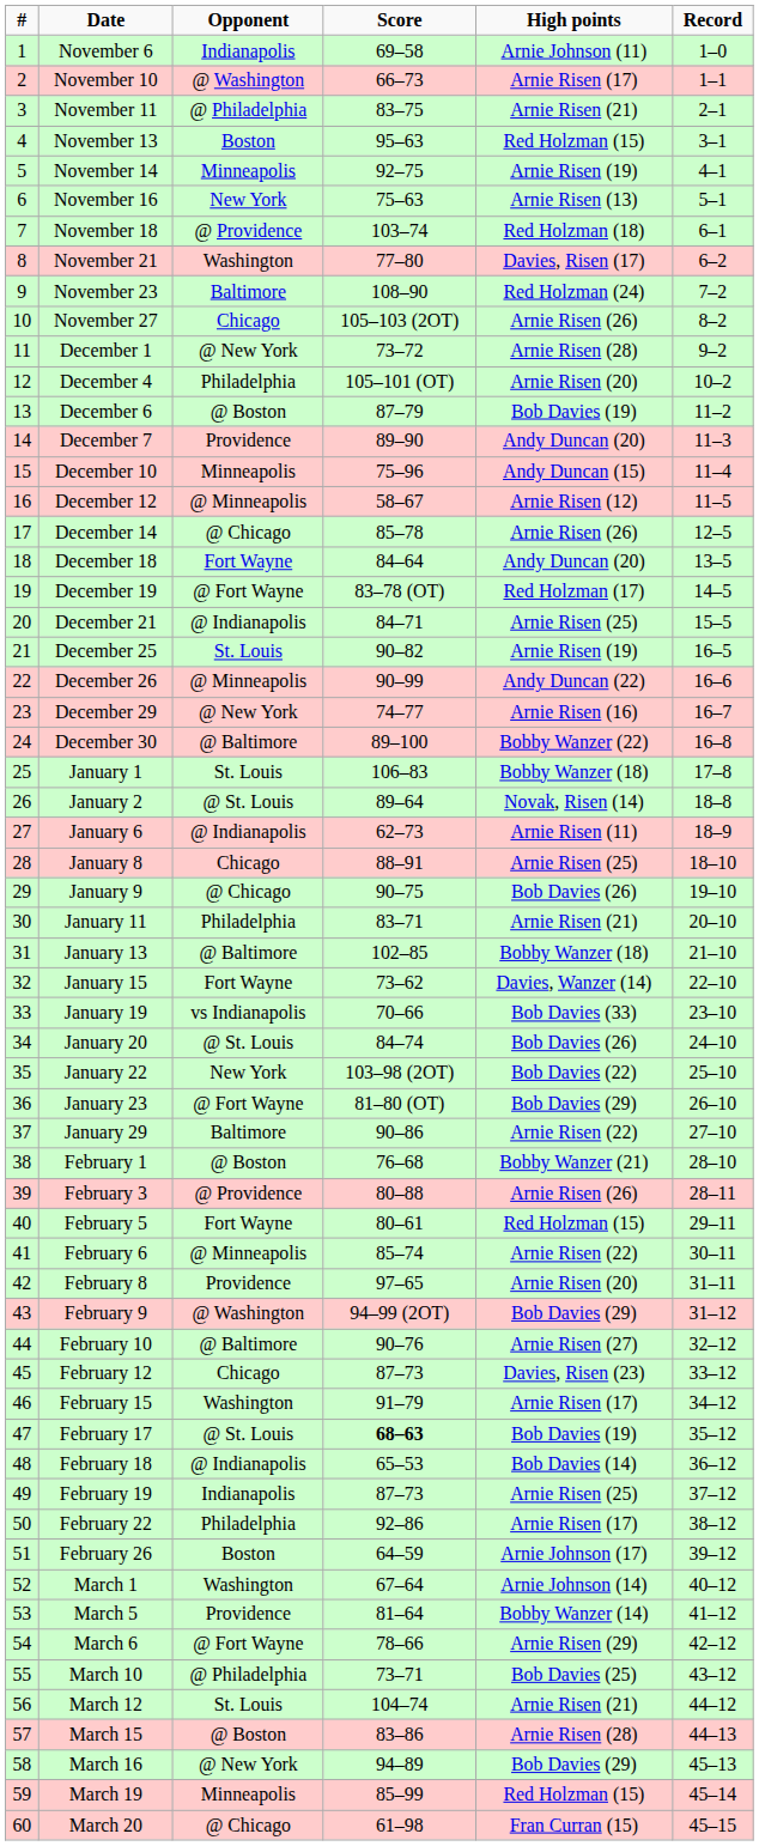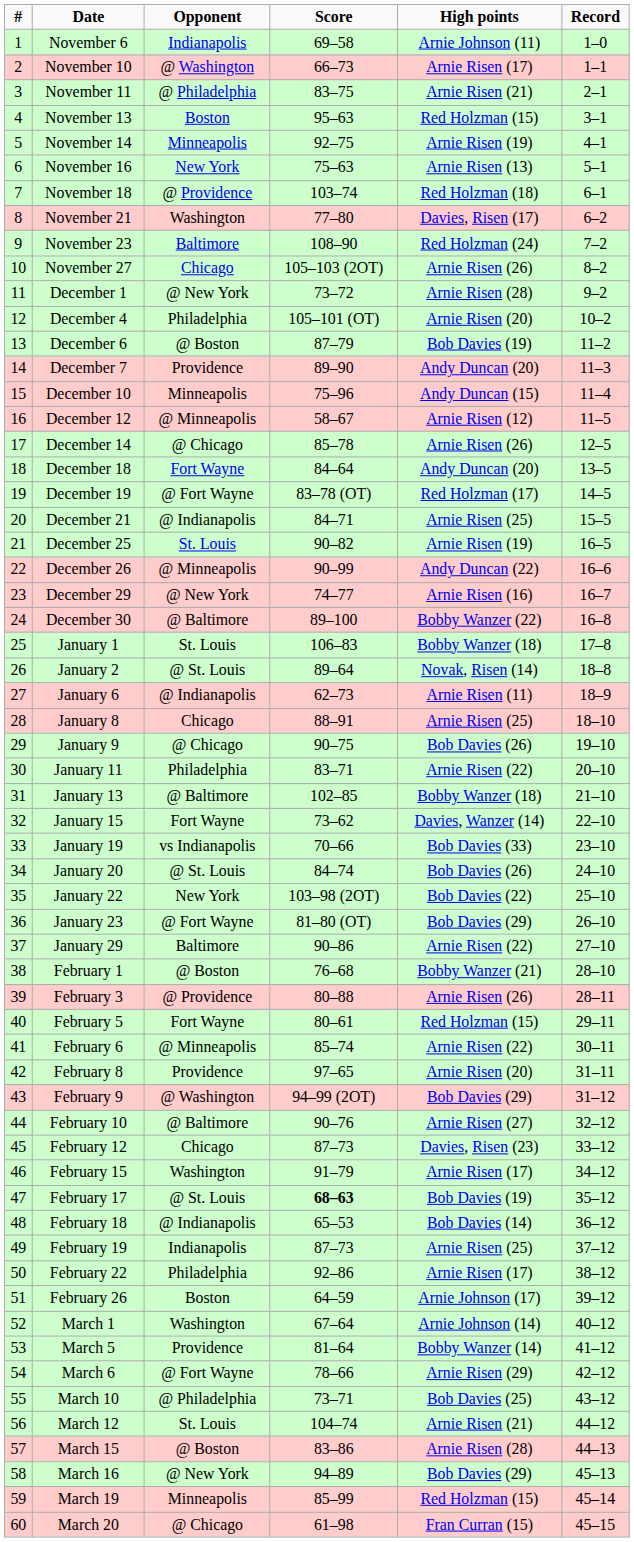 <table class="wikitable" width="50%">
 <tr align="center">
 <td><strong>#</strong></td>
 <td><strong>Date</strong></td>
 <td><strong>Opponent</strong></td>
 <td><strong>Score</strong></td>
 <td><strong>High points</strong></td>
 <td><strong>Record</strong></td>
 </tr>
 <tr align="center" bgcolor="ccffcc">
 <td>1</td>
 <td>November 6</td>
 <td><a href='#'>Indianapolis</a></td>
 <td>69–58</td>
 <td><a href='#'>Arnie Johnson</a> (11)</td>
 <td>1–0</td>
 </tr>
 <tr align="center" bgcolor="ffcccc">
 <td>2</td>
 <td>November 10</td>
 <td>@ <a href='#'>Washington</a></td>
 <td>66–73</td>
 <td><a href='#'>Arnie Risen</a> (17)</td>
 <td>1–1</td>
 </tr>
 <tr align="center" bgcolor="ccffcc">
 <td>3</td>
 <td>November 11</td>
 <td>@ <a href='#'>Philadelphia</a></td>
 <td>83–75</td>
 <td><a href='#'>Arnie Risen</a> (21)</td>
 <td>2–1</td>
 </tr>
 <tr align="center" bgcolor="ccffcc">
 <td>4</td>
 <td>November 13</td>
 <td><a href='#'>Boston</a></td>
 <td>95–63</td>
 <td><a href='#'>Red Holzman</a> (15)</td>
 <td>3–1</td>
 </tr>
 <tr align="center" bgcolor="ccffcc">
 <td>5</td>
 <td>November 14</td>
 <td><a href='#'>Minneapolis</a></td>
 <td>92–75</td>
 <td><a href='#'>Arnie Risen</a> (19)</td>
 <td>4–1</td>
 </tr>
 <tr align="center" bgcolor="ccffcc">
 <td>6</td>
 <td>November 16</td>
 <td><a href='#'>New York</a></td>
 <td>75–63</td>
 <td><a href='#'>Arnie Risen</a> (13)</td>
 <td>5–1</td>
 </tr>
 <tr align="center" bgcolor="ccffcc">
 <td>7</td>
 <td>November 18</td>
 <td>@ <a href='#'>Providence</a></td>
 <td>103–74</td>
 <td><a href='#'>Red Holzman</a> (18)</td>
 <td>6–1</td>
 </tr>
 <tr align="center" bgcolor="ffcccc">
 <td>8</td>
 <td>November 21</td>
 <td>Washington</td>
 <td>77–80</td>
 <td><a href='#'>Davies</a>, <a href='#'>Risen</a> (17)</td>
 <td>6–2</td>
 </tr>
 <tr align="center" bgcolor="ccffcc">
 <td>9</td>
 <td>November 23</td>
 <td><a href='#'>Baltimore</a></td>
 <td>108–90</td>
 <td><a href='#'>Red Holzman</a> (24)</td>
 <td>7–2</td>
 </tr>
 <tr align="center" bgcolor="ccffcc">
 <td>10</td>
 <td>November 27</td>
 <td><a href='#'>Chicago</a></td>
 <td>105–103 (2OT)</td>
 <td><a href='#'>Arnie Risen</a> (26)</td>
 <td>8–2</td>
 </tr>
 <tr align="center" bgcolor="ccffcc">
 <td>11</td>
 <td>December 1</td>
 <td>@ New York</td>
 <td>73–72</td>
 <td><a href='#'>Arnie Risen</a> (28)</td>
 <td>9–2</td>
 </tr>
 <tr align="center" bgcolor="ccffcc">
 <td>12</td>
 <td>December 4</td>
 <td>Philadelphia</td>
 <td>105–101 (OT)</td>
 <td><a href='#'>Arnie Risen</a> (20)</td>
 <td>10–2</td>
 </tr>
 <tr align="center" bgcolor="ccffcc">
 <td>13</td>
 <td>December 6</td>
 <td>@ Boston</td>
 <td>87–79</td>
 <td><a href='#'>Bob Davies</a> (19)</td>
 <td>11–2</td>
 </tr>
 <tr align="center" bgcolor="ffcccc">
 <td>14</td>
 <td>December 7</td>
 <td>Providence</td>
 <td>89–90</td>
 <td><a href='#'>Andy Duncan</a> (20)</td>
 <td>11–3</td>
 </tr>
 <tr align="center" bgcolor="ffcccc">
 <td>15</td>
 <td>December 10</td>
 <td>Minneapolis</td>
 <td>75–96</td>
 <td><a href='#'>Andy Duncan</a> (15)</td>
 <td>11–4</td>
 </tr>
 <tr align="center" bgcolor="ffcccc">
 <td>16</td>
 <td>December 12</td>
 <td>@ Minneapolis</td>
 <td>58–67</td>
 <td><a href='#'>Arnie Risen</a> (12)</td>
 <td>11–5</td>
 </tr>
 <tr align="center" bgcolor="ccffcc">
 <td>17</td>
 <td>December 14</td>
 <td>@ Chicago</td>
 <td>85–78</td>
 <td><a href='#'>Arnie Risen</a> (26)</td>
 <td>12–5</td>
 </tr>
 <tr align="center" bgcolor="ccffcc">
 <td>18</td>
 <td>December 18</td>
 <td><a href='#'>Fort Wayne</a></td>
 <td>84–64</td>
 <td><a href='#'>Andy Duncan</a> (20)</td>
 <td>13–5</td>
 </tr>
 <tr align="center" bgcolor="ccffcc">
 <td>19</td>
 <td>December 19</td>
 <td>@ Fort Wayne</td>
 <td>83–78 (OT)</td>
 <td><a href='#'>Red Holzman</a> (17)</td>
 <td>14–5</td>
 </tr>
 <tr align="center" bgcolor="ccffcc">
 <td>20</td>
 <td>December 21</td>
 <td>@ Indianapolis</td>
 <td>84–71</td>
 <td><a href='#'>Arnie Risen</a> (25)</td>
 <td>15–5</td>
 </tr>
 <tr align="center" bgcolor="ccffcc">
 <td>21</td>
 <td>December 25</td>
 <td><a href='#'>St. Louis</a></td>
 <td>90–82</td>
 <td><a href='#'>Arnie Risen</a> (19)</td>
 <td>16–5</td>
 </tr>
 <tr align="center" bgcolor="ffcccc">
 <td>22</td>
 <td>December 26</td>
 <td>@ Minneapolis</td>
 <td>90–99</td>
 <td><a href='#'>Andy Duncan</a> (22)</td>
 <td>16–6</td>
 </tr>
 <tr align="center" bgcolor="ffcccc">
 <td>23</td>
 <td>December 29</td>
 <td>@ New York</td>
 <td>74–77</td>
 <td><a href='#'>Arnie Risen</a> (16)</td>
 <td>16–7</td>
 </tr>
 <tr align="center" bgcolor="ffcccc">
 <td>24</td>
 <td>December 30</td>
 <td>@ Baltimore</td>
 <td>89–100</td>
 <td><a href='#'>Bobby Wanzer</a> (22)</td>
 <td>16–8</td>
 </tr>
 <tr align="center" bgcolor="ccffcc">
 <td>25</td>
 <td>January 1</td>
 <td>St. Louis</td>
 <td>106–83</td>
 <td><a href='#'>Bobby Wanzer</a> (18)</td>
 <td>17–8</td>
 </tr>
 <tr align="center" bgcolor="ccffcc">
 <td>26</td>
 <td>January 2</td>
 <td>@ St. Louis</td>
 <td>89–64</td>
 <td><a href='#'>Novak</a>, <a href='#'>Risen</a> (14)</td>
 <td>18–8</td>
 </tr>
 <tr align="center" bgcolor="ffcccc">
 <td>27</td>
 <td>January 6</td>
 <td>@ Indianapolis</td>
 <td>62–73</td>
 <td><a href='#'>Arnie Risen</a> (11)</td>
 <td>18–9</td>
 </tr>
 <tr align="center" bgcolor="ffcccc">
 <td>28</td>
 <td>January 8</td>
 <td>Chicago</td>
 <td>88–91</td>
 <td><a href='#'>Arnie Risen</a> (25)</td>
 <td>18–10</td>
 </tr>
 <tr align="center" bgcolor="ccffcc">
 <td>29</td>
 <td>January 9</td>
 <td>@ Chicago</td>
 <td>90–75</td>
 <td><a href='#'>Bob Davies</a> (26)</td>
 <td>19–10</td>
 </tr>
 <tr align="center" bgcolor="ccffcc">
 <td>30</td>
 <td>January 11</td>
 <td>Philadelphia</td>
 <td>83–71</td>
-<td><a href='#'>Arnie Risen</a> (21)</td>
+<td><a href='#'>Arnie Risen</a> (22)</td>
 <td>20–10</td>
 </tr>
 <tr align="center" bgcolor="ccffcc">
 <td>31</td>
 <td>January 13</td>
 <td>@ Baltimore</td>
 <td>102–85</td>
 <td><a href='#'>Bobby Wanzer</a> (18)</td>
 <td>21–10</td>
 </tr>
 <tr align="center" bgcolor="ccffcc">
 <td>32</td>
 <td>January 15</td>
 <td>Fort Wayne</td>
 <td>73–62</td>
 <td><a href='#'>Davies</a>, <a href='#'>Wanzer</a> (14)</td>
 <td>22–10</td>
 </tr>
 <tr align="center" bgcolor="ccffcc">
 <td>33</td>
 <td>January 19</td>
 <td>vs Indianapolis</td>
 <td>70–66</td>
 <td><a href='#'>Bob Davies</a> (33)</td>
 <td>23–10</td>
 </tr>
 <tr align="center" bgcolor="ccffcc">
 <td>34</td>
 <td>January 20</td>
 <td>@ St. Louis</td>
 <td>84–74</td>
 <td><a href='#'>Bob Davies</a> (26)</td>
 <td>24–10</td>
 </tr>
 <tr align="center" bgcolor="ccffcc">
 <td>35</td>
 <td>January 22</td>
 <td>New York</td>
 <td>103–98 (2OT)</td>
 <td><a href='#'>Bob Davies</a> (22)</td>
 <td>25–10</td>
 </tr>
 <tr align="center" bgcolor="ccffcc">
 <td>36</td>
 <td>January 23</td>
 <td>@ Fort Wayne</td>
 <td>81–80 (OT)</td>
 <td><a href='#'>Bob Davies</a> (29)</td>
 <td>26–10</td>
 </tr>
 <tr align="center" bgcolor="ccffcc">
 <td>37</td>
 <td>January 29</td>
 <td>Baltimore</td>
 <td>90–86</td>
 <td><a href='#'>Arnie Risen</a> (22)</td>
 <td>27–10</td>
 </tr>
 <tr align="center" bgcolor="ccffcc">
 <td>38</td>
 <td>February 1</td>
 <td>@ Boston</td>
 <td>76–68</td>
 <td><a href='#'>Bobby Wanzer</a> (21)</td>
 <td>28–10</td>
 </tr>
 <tr align="center" bgcolor="ffcccc">
 <td>39</td>
 <td>February 3</td>
 <td>@ Providence</td>
 <td>80–88</td>
 <td><a href='#'>Arnie Risen</a> (26)</td>
 <td>28–11</td>
 </tr>
 <tr align="center" bgcolor="ccffcc">
 <td>40</td>
 <td>February 5</td>
 <td>Fort Wayne</td>
 <td>80–61</td>
 <td><a href='#'>Red Holzman</a> (15)</td>
 <td>29–11</td>
 </tr>
 <tr align="center" bgcolor="ccffcc">
 <td>41</td>
 <td>February 6</td>
 <td>@ Minneapolis</td>
 <td>85–74</td>
 <td><a href='#'>Arnie Risen</a> (22)</td>
 <td>30–11</td>
 </tr>
 <tr align="center" bgcolor="ccffcc">
 <td>42</td>
 <td>February 8</td>
 <td>Providence</td>
 <td>97–65</td>
 <td><a href='#'>Arnie Risen</a> (20)</td>
 <td>31–11</td>
 </tr>
 <tr align="center" bgcolor="ffcccc">
 <td>43</td>
 <td>February 9</td>
 <td>@ Washington</td>
 <td>94–99 (2OT)</td>
 <td><a href='#'>Bob Davies</a> (29)</td>
 <td>31–12</td>
 </tr>
 <tr align="center" bgcolor="ccffcc">
 <td>44</td>
 <td>February 10</td>
 <td>@ Baltimore</td>
 <td>90–76</td>
 <td><a href='#'>Arnie Risen</a> (27)</td>
 <td>32–12</td>
 </tr>
 <tr align="center" bgcolor="ccffcc">
 <td>45</td>
 <td>February 12</td>
 <td>Chicago</td>
 <td>87–73</td>
 <td><a href='#'>Davies</a>, <a href='#'>Risen</a> (23)</td>
 <td>33–12</td>
 </tr>
 <tr align="center" bgcolor="ccffcc">
 <td>46</td>
 <td>February 15</td>
 <td>Washington</td>
 <td>91–79</td>
 <td><a href='#'>Arnie Risen</a> (17)</td>
 <td>34–12</td>
 </tr>
 <tr align="center" bgcolor="ccffcc">
 <td>47</td>
 <td>February 17</td>
 <td>@ St. Louis</td>
 <td><strong>68–63</strong></td>
 <td><a href='#'>Bob Davies</a> (19)</td>
 <td>35–12</td>
 </tr>
 <tr align="center" bgcolor="ccffcc">
 <td>48</td>
 <td>February 18</td>
 <td>@ Indianapolis</td>
 <td>65–53</td>
 <td><a href='#'>Bob Davies</a> (14)</td>
 <td>36–12</td>
 </tr>
 <tr align="center" bgcolor="ccffcc">
 <td>49</td>
 <td>February 19</td>
 <td>Indianapolis</td>
 <td>87–73</td>
 <td><a href='#'>Arnie Risen</a> (25)</td>
 <td>37–12</td>
 </tr>
 <tr align="center" bgcolor="ccffcc">
 <td>50</td>
 <td>February 22</td>
 <td>Philadelphia</td>
 <td>92–86</td>
 <td><a href='#'>Arnie Risen</a> (17)</td>
 <td>38–12</td>
 </tr>
 <tr align="center" bgcolor="ccffcc">
 <td>51</td>
 <td>February 26</td>
 <td>Boston</td>
 <td>64–59</td>
 <td><a href='#'>Arnie Johnson</a> (17)</td>
 <td>39–12</td>
 </tr>
 <tr align="center" bgcolor="ccffcc">
 <td>52</td>
 <td>March 1</td>
 <td>Washington</td>
 <td>67–64</td>
 <td><a href='#'>Arnie Johnson</a> (14)</td>
 <td>40–12</td>
 </tr>
 <tr align="center" bgcolor="ccffcc">
 <td>53</td>
 <td>March 5</td>
 <td>Providence</td>
 <td>81–64</td>
 <td><a href='#'>Bobby Wanzer</a> (14)</td>
 <td>41–12</td>
 </tr>
 <tr align="center" bgcolor="ccffcc">
 <td>54</td>
 <td>March 6</td>
 <td>@ Fort Wayne</td>
 <td>78–66</td>
 <td><a href='#'>Arnie Risen</a> (29)</td>
 <td>42–12</td>
 </tr>
 <tr align="center" bgcolor="ccffcc">
 <td>55</td>
 <td>March 10</td>
 <td>@ Philadelphia</td>
 <td>73–71</td>
 <td><a href='#'>Bob Davies</a> (25)</td>
 <td>43–12</td>
 </tr>
 <tr align="center" bgcolor="ccffcc">
 <td>56</td>
 <td>March 12</td>
 <td>St. Louis</td>
 <td>104–74</td>
 <td><a href='#'>Arnie Risen</a> (21)</td>
 <td>44–12</td>
 </tr>
 <tr align="center" bgcolor="ffcccc">
 <td>57</td>
 <td>March 15</td>
 <td>@ Boston</td>
 <td>83–86</td>
 <td><a href='#'>Arnie Risen</a> (28)</td>
 <td>44–13</td>
 </tr>
 <tr align="center" bgcolor="ccffcc">
 <td>58</td>
 <td>March 16</td>
 <td>@ New York</td>
 <td>94–89</td>
 <td><a href='#'>Bob Davies</a> (29)</td>
 <td>45–13</td>
 </tr>
 <tr align="center" bgcolor="ffcccc">
 <td>59</td>
 <td>March 19</td>
 <td>Minneapolis</td>
 <td>85–99</td>
 <td><a href='#'>Red Holzman</a> (15)</td>
 <td>45–14</td>
 </tr>
 <tr align="center" bgcolor="ffcccc">
 <td>60</td>
 <td>March 20</td>
 <td>@ Chicago</td>
 <td>61–98</td>
 <td><a href='#'>Fran Curran</a> (15)</td>
 <td>45–15</td>
 </tr>
 </table>
